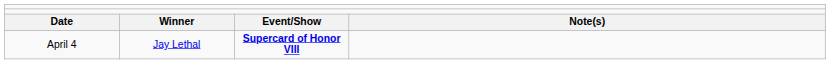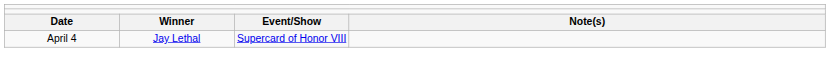 <table class="wikitable" style="text-align:center; width:100%;">
 <tr>
 <td colspan="5"></td>
 </tr>
 <tr>
 <td colspan="5"><strong></strong></td>
 </tr>
 <tr>
 <th width=14%>Date</th>
 <th width=14%>Winner</th>
 <th width=14%>Event/Show</th>
 <th width=58%>Note(s)</th>
 </tr>
 <tr>
 <td>April 4</td>
 <td><a href='#'>Jay Lethal</a></td>
-<td><strong><a href='#'>Supercard of Honor VIII</a></strong></td>
+<td><a href='#'>Supercard of Honor VIII</a></td>
 <td align="left"></td>
 </tr>
 </table>
